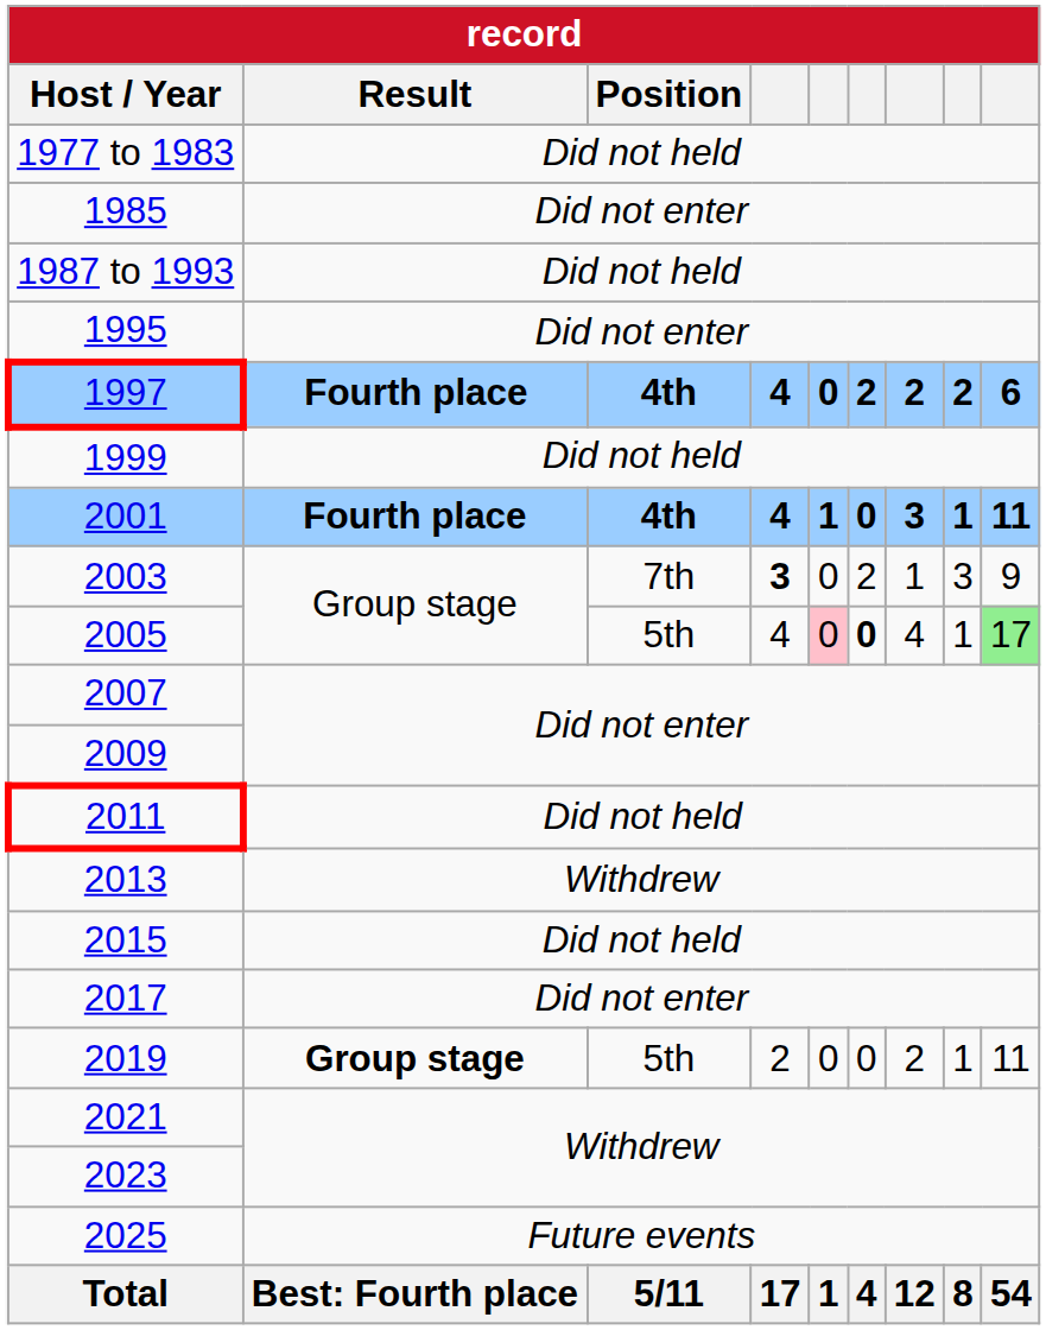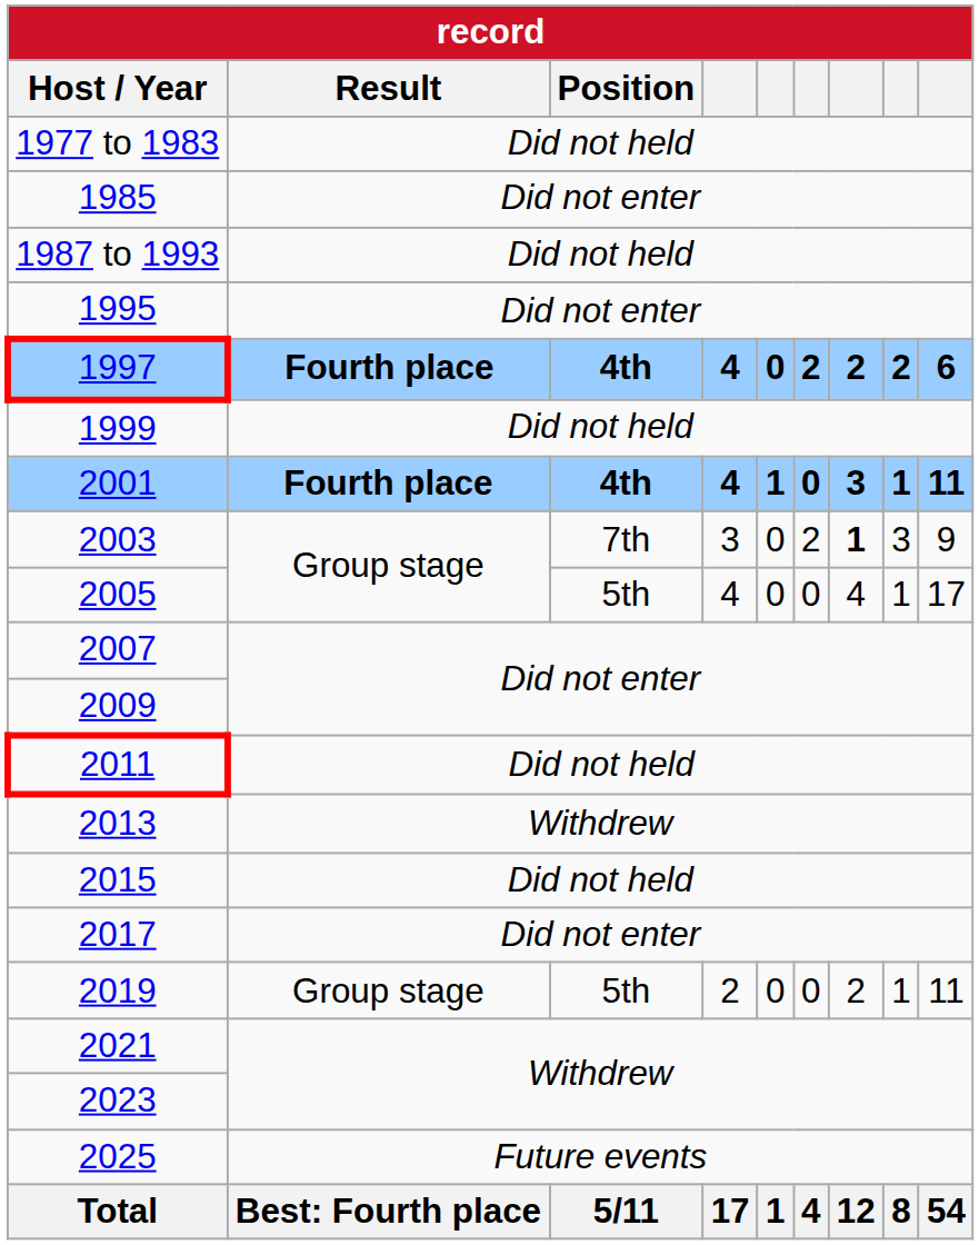 <table class="wikitable" style="text-align: center;">
 <tr>
 <th style="background: #CE1126; color: #FFFFFF;" colspan=9><a href='#'></a> record</th>
 </tr>
 <tr>
 <th>Host / Year</th>
 <th>Result</th>
 <th>Position</th>
 <th></th>
 <th></th>
 <th></th>
 <th></th>
 <th></th>
 <th></th>
 </tr>
 <tr>
 <td><a href='#'>1977</a> to <a href='#'>1983</a></td>
 <td colspan=8><em>Did not held</em></td>
 </tr>
 <tr>
 <td> <a href='#'>1985</a></td>
 <td colspan=8><em>Did not enter</em></td>
 </tr>
 <tr>
 <td><a href='#'>1987</a> to <a href='#'>1993</a></td>
 <td colspan=8><em>Did not held</em></td>
 </tr>
 <tr>
 <td> <a href='#'>1995</a></td>
 <td colspan=8><em>Did not enter</em></td>
 </tr>
 <tr style="background:#9acdff;">
 <td style="border:3px solid red"> <a href='#'>1997</a></td>
 <td><strong>Fourth place</strong></td>
 <td><strong>4th</strong></td>
 <td><strong>4</strong></td>
 <td><strong>0</strong></td>
 <td><strong>2</strong></td>
 <td><strong>2</strong></td>
 <td><strong>2</strong></td>
 <td><strong>6</strong></td>
 </tr>
 <tr>
 <td> <a href='#'>1999</a></td>
 <td colspan=8><em>Did not held</em></td>
 </tr>
 <tr style="background:#9acdff;">
 <td> <a href='#'>2001</a></td>
 <td><strong>Fourth place</strong></td>
 <td><strong>4th</strong></td>
 <td><strong>4</strong></td>
 <td><strong>1</strong></td>
 <td><strong>0</strong></td>
 <td><strong>3</strong></td>
 <td><strong>1</strong></td>
 <td><strong>11</strong></td>
 </tr>
 <tr>
 <td> <a href='#'>2003</a></td>
 <td rowspan="2">Group stage</td>
 <td>7th</td>
-<td><strong>3</strong></td>
+<td>3</td>
 <td>0</td>
 <td>2</td>
-<td>1</td>
+<td><strong>1</strong></td>
 <td>3</td>
 <td>9</td>
 </tr>
 <tr>
 <td> <a href='#'>2005</a></td>
 <td Group stage>5th</td>
 <td>4</td>
-<td style="background: pink;">0</td>
-<td><strong>0</strong></td>
+<td>0</td>
+<td>0</td>
 <td>4</td>
 <td>1</td>
-<td style="background: lightgreen;">17</td>
+<td>17</td>
 </tr>
 <tr>
 <td> <a href='#'>2007</a></td>
 <td colspan=8 rowspan=2><em>Did not enter</em></td>
 </tr>
 <tr>
 <td> <a href='#'>2009</a></td>
 </tr>
 <tr>
 <td style="border:3px solid red"> <a href='#'>2011</a></td>
 <td colspan=8><em>Did not held</em></td>
 </tr>
 <tr>
 <td> <a href='#'>2013</a></td>
 <td colspan=8><em>Withdrew</em></td>
 </tr>
 <tr>
 <td> <a href='#'>2015</a></td>
 <td colspan=8><em>Did not held</em></td>
 </tr>
 <tr>
 <td> <a href='#'>2017</a></td>
 <td colspan=8><em>Did not enter</em></td>
 </tr>
 <tr>
 <td> <a href='#'>2019</a></td>
-<td><strong>Group stage</strong></td>
+<td>Group stage</td>
 <td>5th</td>
 <td>2</td>
 <td>0</td>
 <td>0</td>
 <td>2</td>
 <td>1</td>
 <td>11</td>
 </tr>
 <tr>
 <td> <a href='#'>2021</a></td>
 <td rowspan=2 colspan=8><em>Withdrew</em></td>
 </tr>
 <tr>
 <td> <a href='#'>2023</a></td>
 </tr>
 <tr>
 <td> <a href='#'>2025</a></td>
 <td colspan=8><em>Future events</em></td>
 </tr>
 <tr>
 <th><strong>Total</strong></th>
 <th><strong>Best: Fourth place</strong></th>
 <th><strong>5/11</strong></th>
 <th><strong>17</strong></th>
 <th><strong>1</strong></th>
 <th><strong>4</strong></th>
 <th><strong>12</strong></th>
 <th><strong>8</strong></th>
 <th><strong>54</strong></th>
 </tr>
 </table>
